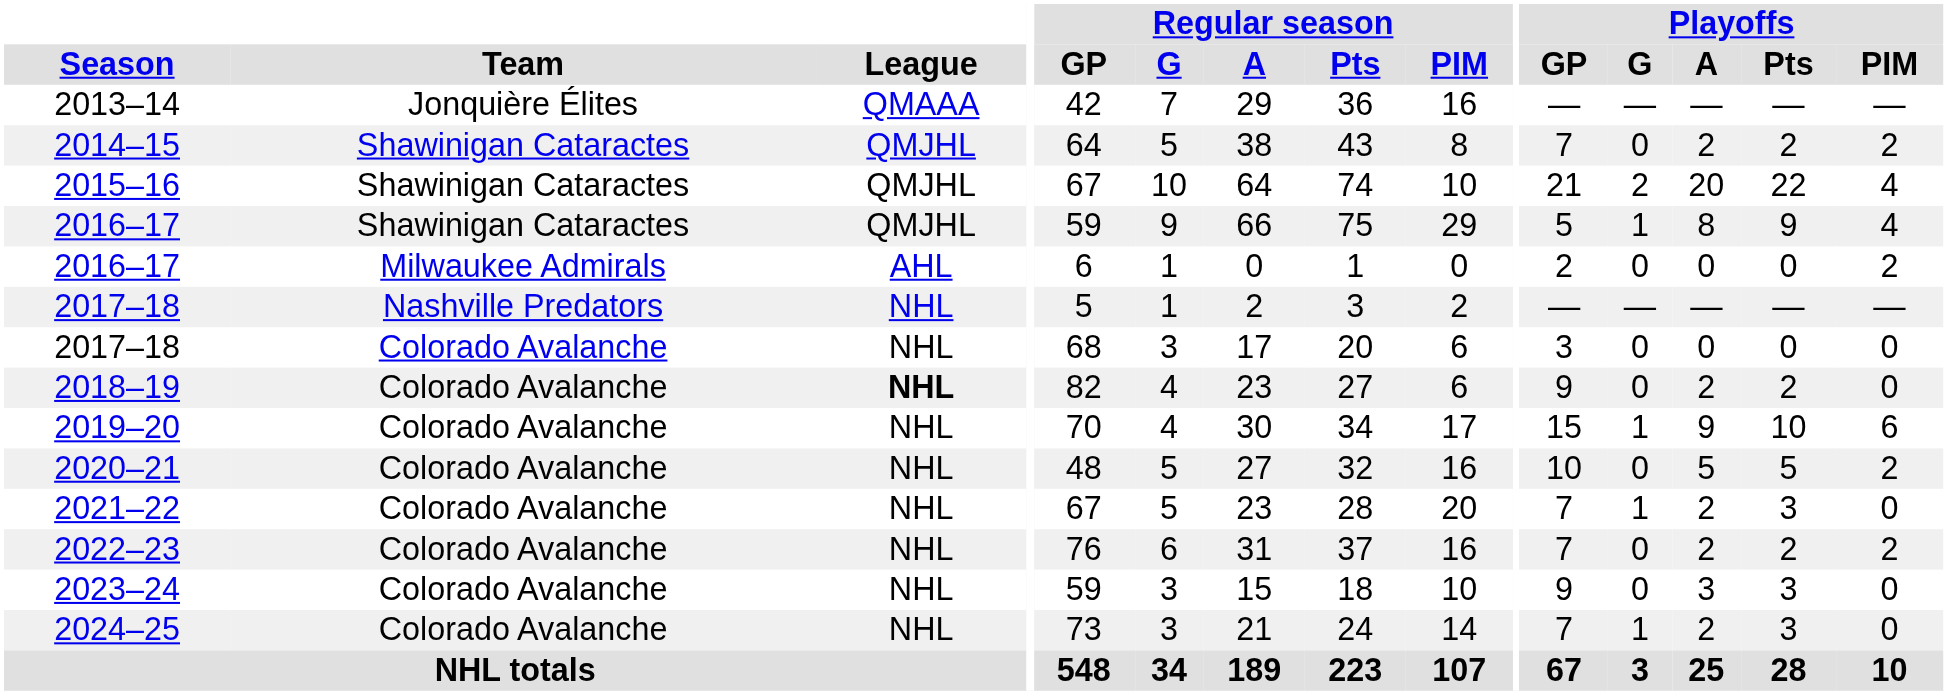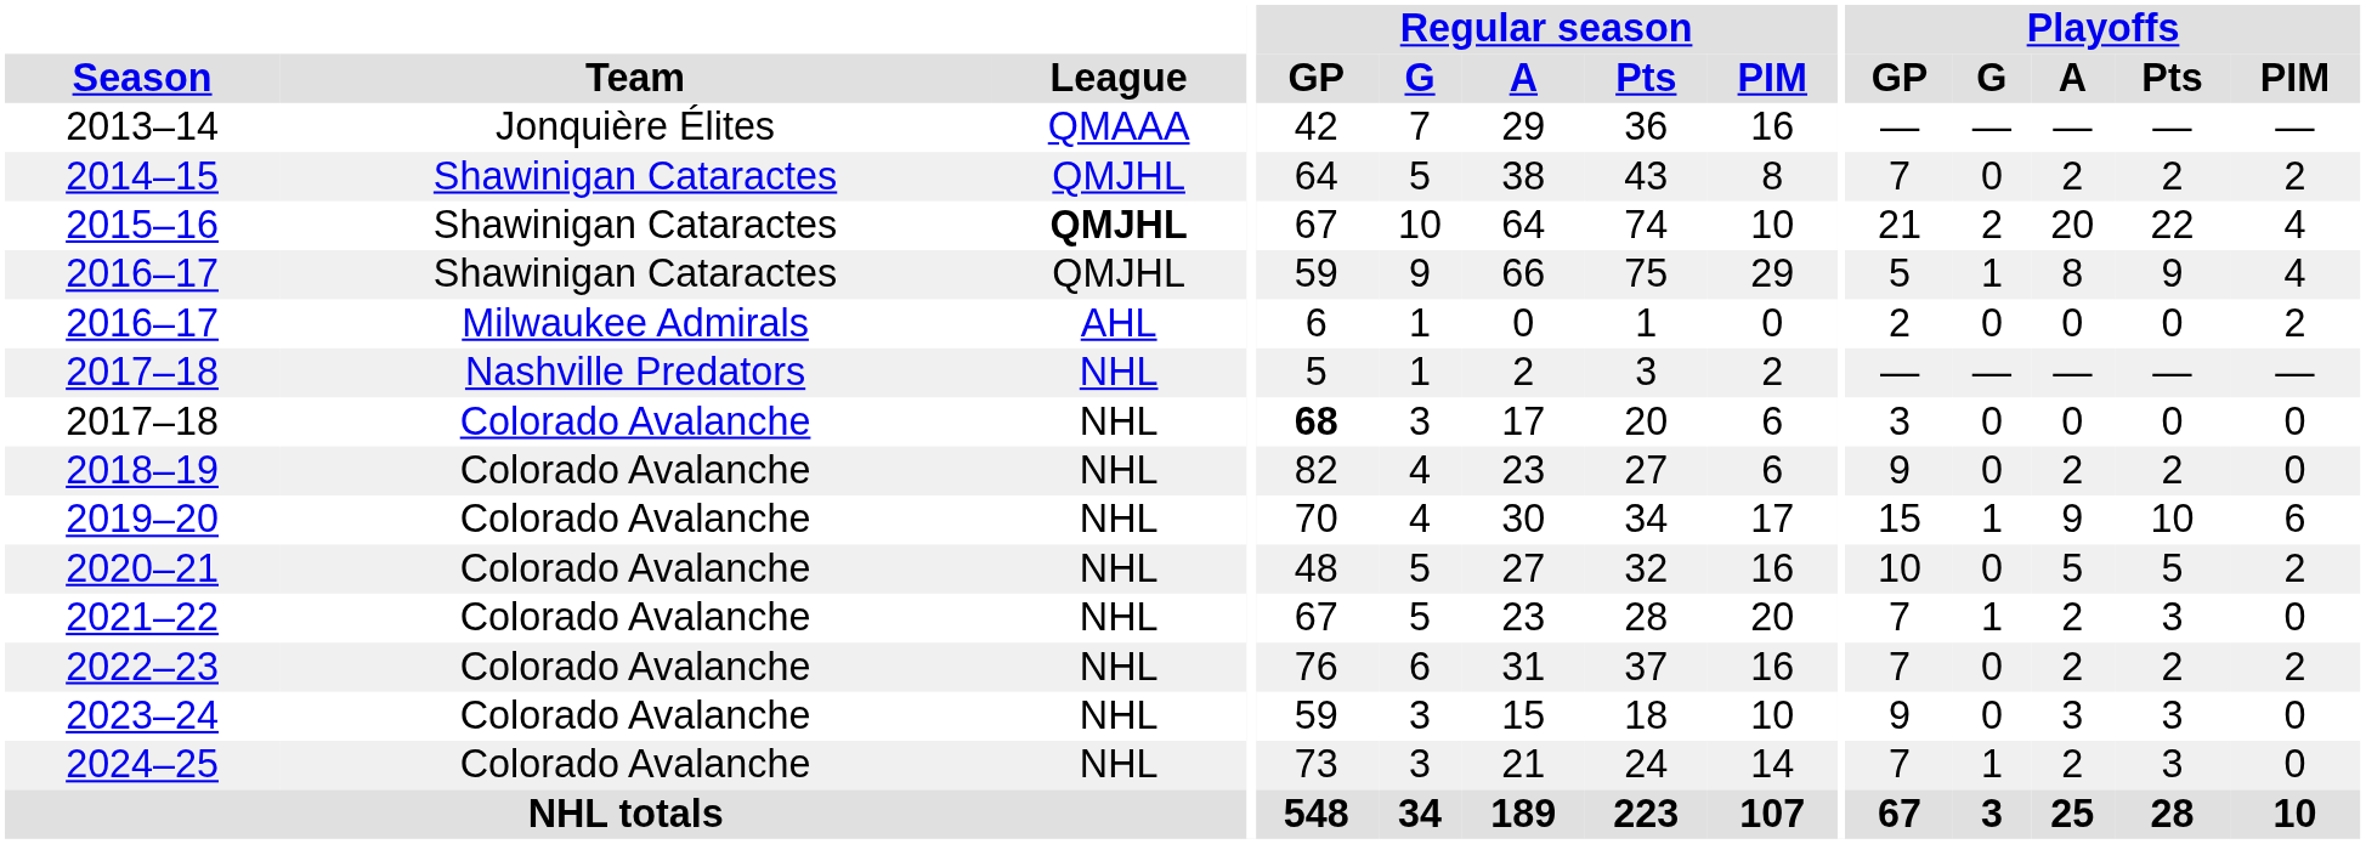 <table border="0" cellpadding="1" cellspacing="0" style="text-align:center; width:60em">
 <tr bgcolor="#e0e0e0">
 <th colspan="3" bgcolor="#ffffff"></th>
 <th rowspan="99" bgcolor="#ffffff"></th>
 <th colspan="5"><a href='#'>Regular season</a></th>
 <th rowspan="99" bgcolor="#ffffff"></th>
 <th colspan="5"><a href='#'>Playoffs</a></th>
 </tr>
 <tr bgcolor="#e0e0e0">
 <th><a href='#'>Season</a></th>
 <th>Team</th>
 <th>League</th>
 <th>GP</th>
 <th><a href='#'>G</a></th>
 <th><a href='#'>A</a></th>
 <th><a href='#'>Pts</a></th>
 <th><a href='#'>PIM</a></th>
 <th>GP</th>
 <th>G</th>
 <th>A</th>
 <th>Pts</th>
 <th>PIM</th>
 </tr>
 <tr>
 <td>2013–14</td>
 <td>Jonquière Élites</td>
 <td><a href='#'>QMAAA</a></td>
 <td>42</td>
 <td>7</td>
 <td>29</td>
 <td>36</td>
 <td>16</td>
 <td>—</td>
 <td>—</td>
 <td>—</td>
 <td>—</td>
 <td>—</td>
 </tr>
 <tr bgcolor="#f0f0f0">
 <td><a href='#'>2014–15</a></td>
 <td><a href='#'>Shawinigan Cataractes</a></td>
 <td><a href='#'>QMJHL</a></td>
 <td>64</td>
 <td>5</td>
 <td>38</td>
 <td>43</td>
 <td>8</td>
 <td>7</td>
 <td>0</td>
 <td>2</td>
 <td>2</td>
 <td>2</td>
 </tr>
 <tr>
 <td><a href='#'>2015–16</a></td>
 <td>Shawinigan Cataractes</td>
-<td>QMJHL</td>
+<td><strong>QMJHL</strong></td>
 <td>67</td>
 <td>10</td>
 <td>64</td>
 <td>74</td>
 <td>10</td>
 <td>21</td>
 <td>2</td>
 <td>20</td>
 <td>22</td>
 <td>4</td>
 </tr>
 <tr bgcolor="#f0f0f0">
 <td><a href='#'>2016–17</a></td>
 <td>Shawinigan Cataractes</td>
 <td>QMJHL</td>
 <td>59</td>
 <td>9</td>
 <td>66</td>
 <td>75</td>
 <td>29</td>
 <td>5</td>
 <td>1</td>
 <td>8</td>
 <td>9</td>
 <td>4</td>
 </tr>
 <tr>
 <td><a href='#'>2016–17</a></td>
 <td><a href='#'>Milwaukee Admirals</a></td>
 <td><a href='#'>AHL</a></td>
 <td>6</td>
 <td>1</td>
 <td>0</td>
 <td>1</td>
 <td>0</td>
 <td>2</td>
 <td>0</td>
 <td>0</td>
 <td>0</td>
 <td>2</td>
 </tr>
 <tr bgcolor="#f0f0f0">
 <td><a href='#'>2017–18</a></td>
 <td><a href='#'>Nashville Predators</a></td>
 <td><a href='#'>NHL</a></td>
 <td>5</td>
 <td>1</td>
 <td>2</td>
 <td>3</td>
 <td>2</td>
 <td>—</td>
 <td>—</td>
 <td>—</td>
 <td>—</td>
 <td>—</td>
 </tr>
 <tr>
 <td>2017–18</td>
 <td><a href='#'>Colorado Avalanche</a></td>
 <td>NHL</td>
-<td>68</td>
+<td><strong>68</strong></td>
 <td>3</td>
 <td>17</td>
 <td>20</td>
 <td>6</td>
 <td>3</td>
 <td>0</td>
 <td>0</td>
 <td>0</td>
 <td>0</td>
 </tr>
 <tr bgcolor="#f0f0f0">
 <td><a href='#'>2018–19</a></td>
 <td>Colorado Avalanche</td>
-<td><strong>NHL</strong></td>
+<td>NHL</td>
 <td>82</td>
 <td>4</td>
 <td>23</td>
 <td>27</td>
 <td>6</td>
 <td>9</td>
 <td>0</td>
 <td>2</td>
 <td>2</td>
 <td>0</td>
 </tr>
 <tr>
 <td><a href='#'>2019–20</a></td>
 <td>Colorado Avalanche</td>
 <td>NHL</td>
 <td>70</td>
 <td>4</td>
 <td>30</td>
 <td>34</td>
 <td>17</td>
 <td>15</td>
 <td>1</td>
 <td>9</td>
 <td>10</td>
 <td>6</td>
 </tr>
 <tr bgcolor="#f0f0f0">
 <td><a href='#'>2020–21</a></td>
 <td>Colorado Avalanche</td>
 <td>NHL</td>
 <td>48</td>
 <td>5</td>
 <td>27</td>
 <td>32</td>
 <td>16</td>
 <td>10</td>
 <td>0</td>
 <td>5</td>
 <td>5</td>
 <td>2</td>
 </tr>
 <tr>
 <td><a href='#'>2021–22</a></td>
 <td>Colorado Avalanche</td>
 <td>NHL</td>
 <td>67</td>
 <td>5</td>
 <td>23</td>
 <td>28</td>
 <td>20</td>
 <td>7</td>
 <td>1</td>
 <td>2</td>
 <td>3</td>
 <td>0</td>
 </tr>
 <tr bgcolor="#f0f0f0">
 <td><a href='#'>2022–23</a></td>
 <td>Colorado Avalanche</td>
 <td>NHL</td>
 <td>76</td>
 <td>6</td>
 <td>31</td>
 <td>37</td>
 <td>16</td>
 <td>7</td>
 <td>0</td>
 <td>2</td>
 <td>2</td>
 <td>2</td>
 </tr>
 <tr>
 <td><a href='#'>2023–24</a></td>
 <td>Colorado Avalanche</td>
 <td>NHL</td>
 <td>59</td>
 <td>3</td>
 <td>15</td>
 <td>18</td>
 <td>10</td>
 <td>9</td>
 <td>0</td>
 <td>3</td>
 <td>3</td>
 <td>0</td>
 </tr>
 <tr bgcolor="#f0f0f0">
 <td><a href='#'>2024–25</a></td>
 <td>Colorado Avalanche</td>
 <td>NHL</td>
 <td>73</td>
 <td>3</td>
 <td>21</td>
 <td>24</td>
 <td>14</td>
 <td>7</td>
 <td>1</td>
 <td>2</td>
 <td>3</td>
 <td>0</td>
 </tr>
 <tr bgcolor="#e0e0e0">
 <th colspan="3">NHL totals</th>
 <th>548</th>
 <th>34</th>
 <th>189</th>
 <th>223</th>
 <th>107</th>
 <th>67</th>
 <th>3</th>
 <th>25</th>
 <th>28</th>
 <th>10</th>
 </tr>
 </table>
